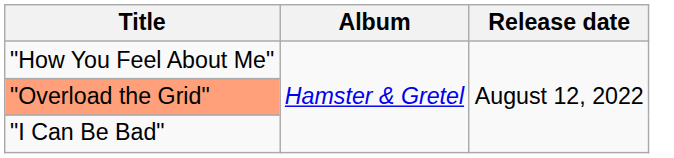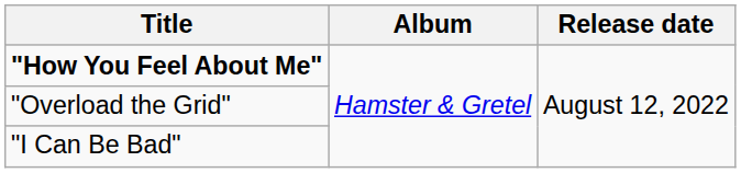 <table class="wikitable">
 <tr>
 <th>Title</th>
 <th>Album</th>
 <th>Release date</th>
 </tr>
 <tr>
-<td>"How You Feel About Me"</td>
+<td><strong>"How You Feel About Me"</strong></td>
 <td rowspan="3"><em><a href='#'>Hamster & Gretel</a></em></td>
 <td rowspan="3">August 12, 2022</td>
 </tr>
 <tr>
-<td style="background: lightsalmon;">"Overload the Grid"</td>
+<td>"Overload the Grid"</td>
 </tr>
 <tr>
 <td>"I Can Be Bad"</td>
 </tr>
 </table>
